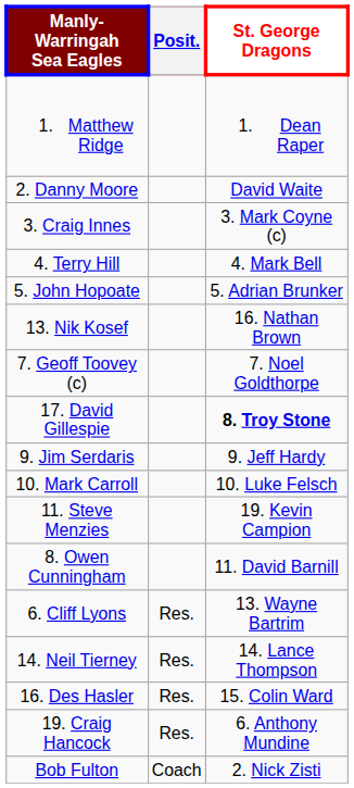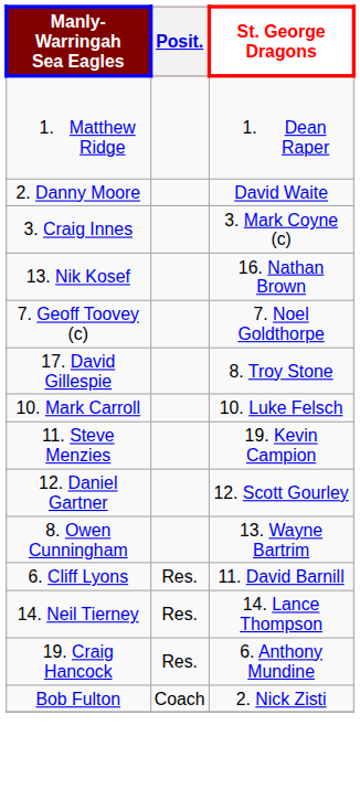 <table align="right" class="wikitable" style="font-size:90%; text-align:center; margin-left:1em">
 <tr bgcolor="#FF0033">
 <th align="center" width="110" style="border: 3px solid blue; background: maroon; color: white">Manly-Warringah<br>Sea Eagles</th>
 <th><a href='#'>Posit.</a></th>
 <th align="center" width="110" style="border: 3px solid red; background: white; color: red">St. George<br>Dragons</th>
 </tr>
 <tr>
 <td><br><ol><li><a href='#'>Matthew Ridge</a></li></ol></td>
 <td></td>
 <td><br><ol><li><a href='#'>Dean Raper</a></li></ol></td>
 </tr>
 <tr>
 <td>2. <a href='#'>Danny Moore</a></td>
 <td></td>
 <td><a href='#'>David Waite</a></td>
 </tr>
 <tr>
 <td>3. <a href='#'>Craig Innes</a></td>
 <td></td>
 <td>3. <a href='#'>Mark Coyne</a> (c)</td>
 </tr>
 <tr>
-<td>4. <a href='#'>Terry Hill</a></td>
-<td></td>
-<td>4. <a href='#'>Mark Bell</a></td>
-</tr>
-<tr>
-<td>5. <a href='#'>John Hopoate</a></td>
-<td></td>
-<td>5. <a href='#'>Adrian Brunker</a></td>
-</tr>
-<tr>
 <td>13. <a href='#'>Nik Kosef</a></td>
 <td></td>
 <td>16. <a href='#'>Nathan Brown</a></td>
 </tr>
 <tr>
 <td>7. <a href='#'>Geoff Toovey</a> (c)</td>
 <td></td>
 <td>7. <a href='#'>Noel Goldthorpe</a></td>
 </tr>
 <tr>
 <td>17. <a href='#'>David Gillespie</a></td>
 <td></td>
-<td><strong>8. <a href='#'>Troy Stone</a></strong></td>
-</tr>
-<tr>
-<td>9. <a href='#'>Jim Serdaris</a></td>
-<td></td>
-<td>9. <a href='#'>Jeff Hardy</a></td>
+<td>8. <a href='#'>Troy Stone</a></td>
 </tr>
 <tr>
 <td>10. <a href='#'>Mark Carroll</a></td>
 <td></td>
 <td>10. <a href='#'>Luke Felsch</a></td>
 </tr>
 <tr>
 <td>11. <a href='#'>Steve Menzies</a></td>
 <td></td>
 <td>19. <a href='#'>Kevin Campion</a></td>
 </tr>
 <tr>
+<td>12. <a href='#'>Daniel Gartner</a></td>
+<td></td>
+<td>12. <a href='#'>Scott Gourley</a></td>
+</tr>
+<tr>
 <td>8. <a href='#'>Owen Cunningham</a></td>
 <td></td>
-<td>11. <a href='#'>David Barnill</a></td>
+<td>13. <a href='#'>Wayne Bartrim</a></td>
 </tr>
 <tr>
 <td>6. <a href='#'>Cliff Lyons</a></td>
 <td>Res.</td>
-<td>13. <a href='#'>Wayne Bartrim</a></td>
+<td>11. <a href='#'>David Barnill</a></td>
 </tr>
 <tr>
 <td>14. <a href='#'>Neil Tierney</a></td>
 <td>Res.</td>
 <td>14. <a href='#'>Lance Thompson</a></td>
-</tr>
-<tr>
-<td>16. <a href='#'>Des Hasler</a></td>
-<td>Res.</td>
-<td>15. <a href='#'>Colin Ward</a></td>
 </tr>
 <tr>
 <td>19. <a href='#'>Craig Hancock</a></td>
 <td>Res.</td>
 <td>6. <a href='#'>Anthony Mundine</a></td>
 </tr>
 <tr>
 <td><a href='#'>Bob Fulton</a></td>
 <td>Coach</td>
 <td>2. <a href='#'>Nick Zisti</a></td>
 </tr>
 <tr>
 </tr>
 </table>
